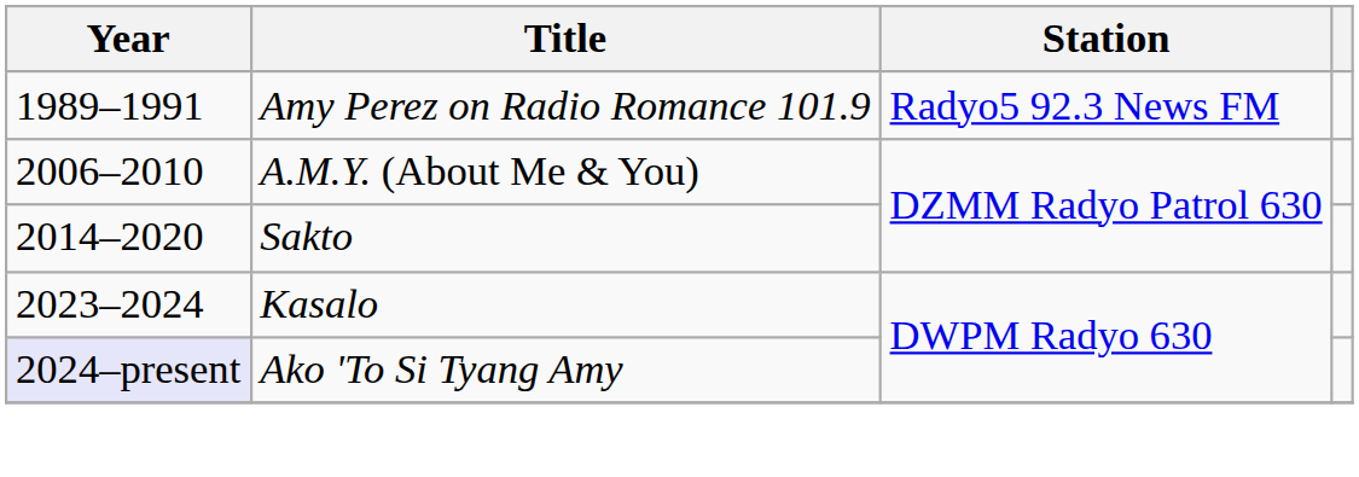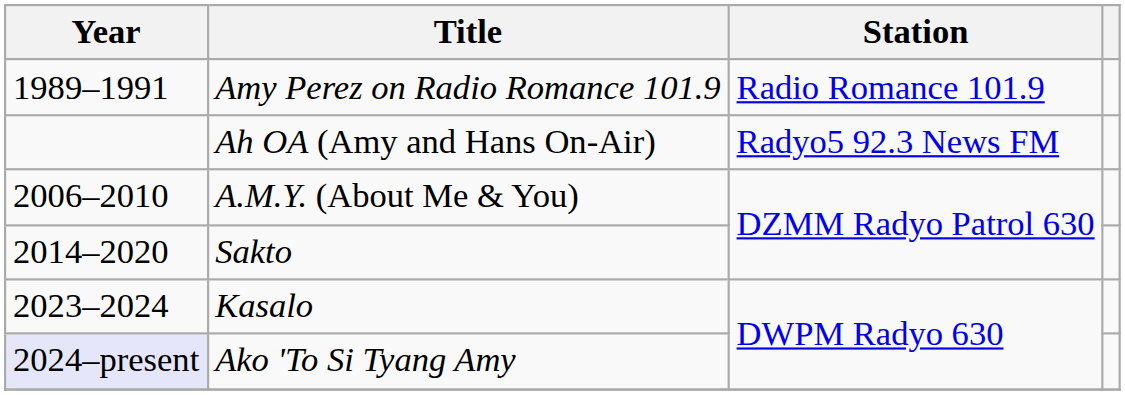 <table class="wikitable">
 <tr>
 <th>Year</th>
 <th>Title</th>
 <th>Station</th>
 <th></th>
 </tr>
 <tr>
 <td>1989–1991</td>
 <td><em>Amy Perez on Radio Romance 101.9</em></td>
+<td><a href='#'>Radio Romance 101.9</a></td>
+<td></td>
+</tr>
+<tr>
+<td></td>
+<td><em>Ah OA</em> (Amy and Hans On-Air)</td>
 <td><a href='#'>Radyo5 92.3 News FM</a></td>
 <td></td>
 </tr>
 <tr>
 <td>2006–2010</td>
 <td><em>A.M.Y.</em> (About Me & You)</td>
 <td rowspan="2"><a href='#'>DZMM Radyo Patrol 630</a></td>
 <td></td>
 </tr>
 <tr>
 <td>2014–2020</td>
 <td><em>Sakto</em></td>
 <td></td>
 </tr>
 <tr>
 <td>2023–2024</td>
 <td><em>Kasalo</em></td>
 <td rowspan="2"><a href='#'>DWPM Radyo 630</a></td>
 <td></td>
 </tr>
 <tr>
 <td style="background: lavender;">2024–present</td>
 <td><em>Ako 'To Si Tyang Amy</em></td>
 <td></td>
 </tr>
 <tr>
 </tr>
 </table>
